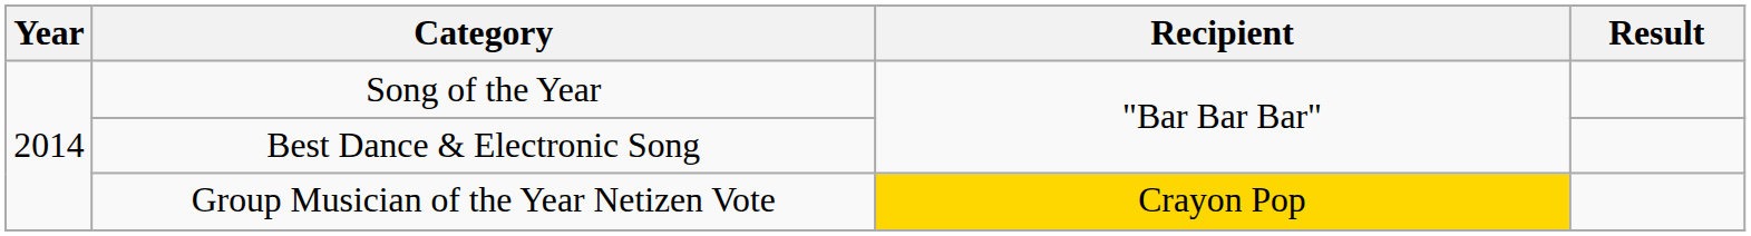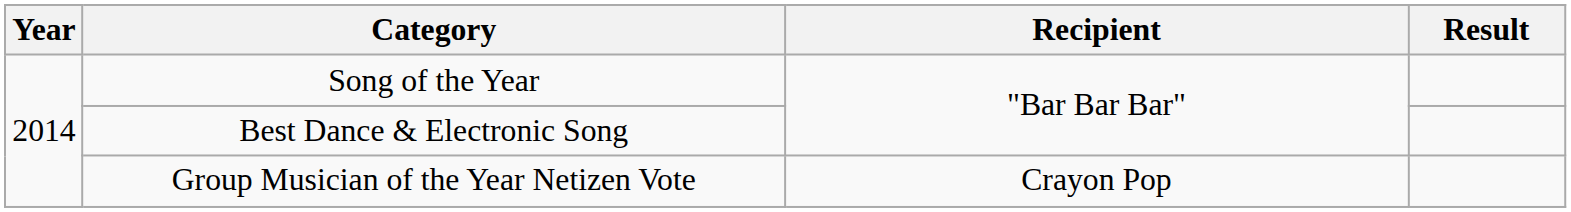 <table class="wikitable" style="text-align:center">
 <tr>
 <th width="5%">Year</th>
 <th width="45%">Category</th>
 <th width="40%">Recipient</th>
 <th width="10%">Result</th>
 </tr>
 <tr>
 <td rowspan="3">2014</td>
 <td>Song of the Year</td>
 <td rowspan="2">"Bar Bar Bar"</td>
 <td></td>
 </tr>
 <tr>
 <td>Best Dance & Electronic Song</td>
 <td></td>
 </tr>
 <tr>
 <td>Group Musician of the Year Netizen Vote</td>
-<td style="background: gold;">Crayon Pop</td>
+<td>Crayon Pop</td>
 <td></td>
 </tr>
 </table>
